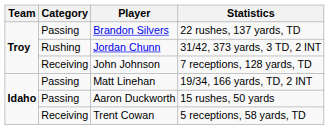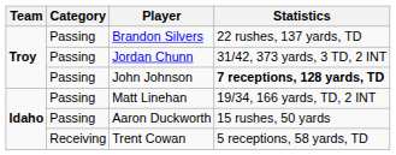 <table class="wikitable" style="float: right;">
 <tr>
 <th>Team</th>
 <th>Category</th>
 <th>Player</th>
 <th>Statistics</th>
 </tr>
 <tr>
 <td rowspan=3><strong>Troy</strong></td>
 <td>Passing</td>
 <td><a href='#'>Brandon Silvers</a></td>
 <td>22 rushes, 137 yards, TD</td>
 </tr>
 <tr>
-<td>Rushing</td>
+<td>Passing</td>
 <td><a href='#'>Jordan Chunn</a></td>
 <td>31/42, 373 yards, 3 TD, 2 INT</td>
 </tr>
 <tr>
-<td>Receiving</td>
+<td>Passing</td>
 <td>John Johnson</td>
-<td>7 receptions, 128 yards, TD</td>
+<td><strong>7 receptions, 128 yards, TD</strong></td>
 </tr>
 <tr>
 <td rowspan=3><strong>Idaho</strong></td>
 <td>Passing</td>
 <td>Matt Linehan</td>
 <td>19/34, 166 yards, TD, 2 INT</td>
 </tr>
 <tr>
 <td>Passing</td>
 <td>Aaron Duckworth</td>
 <td>15 rushes, 50 yards</td>
 </tr>
 <tr>
 <td>Receiving</td>
 <td>Trent Cowan</td>
 <td>5 receptions, 58 yards, TD</td>
 </tr>
 </table>
